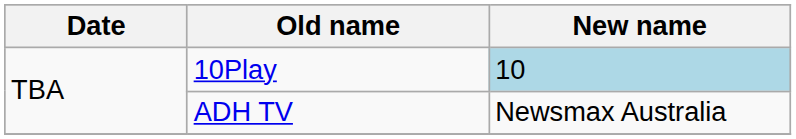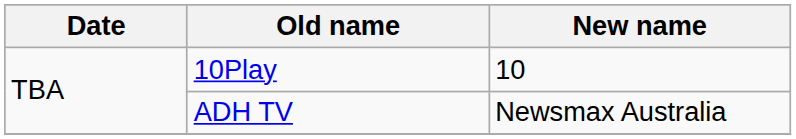 <table class="wikitable">
 <tr>
 <th width=100>Date</th>
 <th width=170>Old name</th>
 <th width=170>New name</th>
 </tr>
 <tr>
 <td rowspan=2>TBA</td>
 <td><a href='#'>10Play</a></td>
-<td style="background: lightblue;">10</td>
+<td>10</td>
 </tr>
 <tr>
 <td><a href='#'>ADH TV</a></td>
 <td>Newsmax Australia</td>
 </tr>
 <tr>
 </tr>
 </table>
